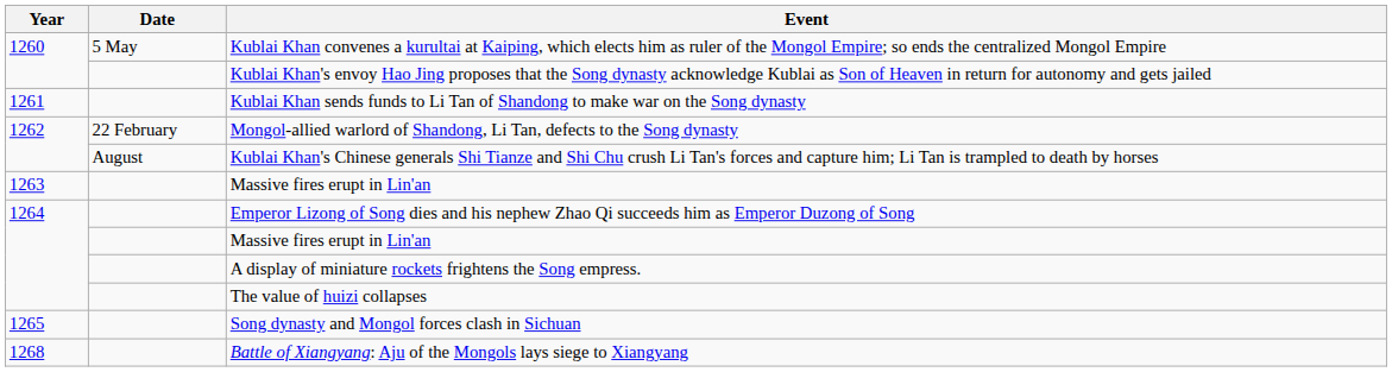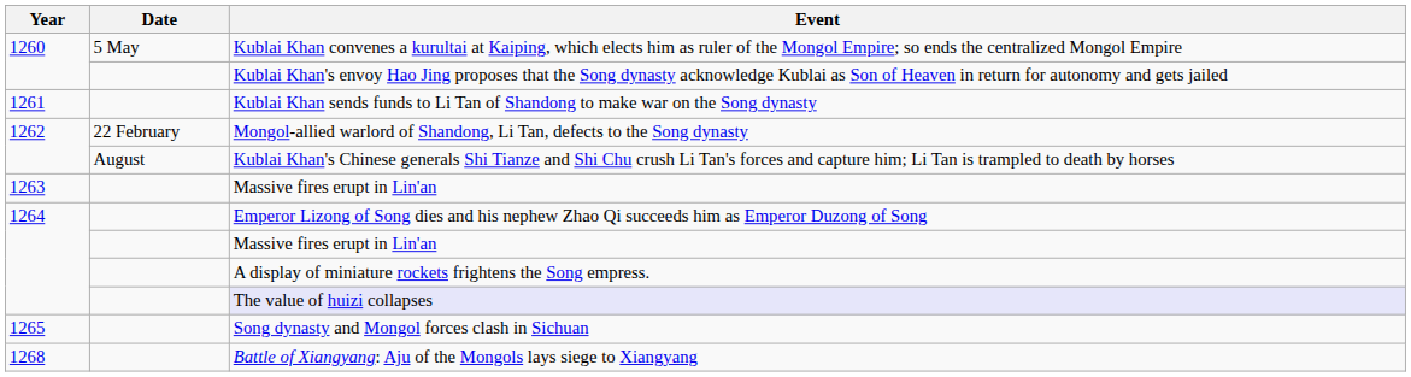 <table class="wikitable" width="100%">
 <tr>
 <th style="width:6%">Year</th>
 <th style="width:10%">Date</th>
 <th>Event</th>
 </tr>
 <tr>
 <td rowspan="2" valign="top"><a href='#'>1260</a></td>
 <td>5 May</td>
 <td><a href='#'>Kublai Khan</a> convenes a <a href='#'>kurultai</a> at <a href='#'>Kaiping</a>, which elects him as ruler of the <a href='#'>Mongol Empire</a>; so ends the centralized Mongol Empire</td>
 </tr>
 <tr>
 <td></td>
 <td><a href='#'>Kublai Khan</a>'s envoy <a href='#'>Hao Jing</a> proposes that the <a href='#'>Song dynasty</a> acknowledge Kublai as <a href='#'>Son of Heaven</a> in return for autonomy and gets jailed</td>
 </tr>
 <tr>
 <td><a href='#'>1261</a></td>
 <td></td>
 <td><a href='#'>Kublai Khan</a> sends funds to Li Tan of <a href='#'>Shandong</a> to make war on the <a href='#'>Song dynasty</a></td>
 </tr>
 <tr>
 <td rowspan="2" valign="top"><a href='#'>1262</a></td>
 <td>22 February</td>
 <td><a href='#'>Mongol</a>-allied warlord of <a href='#'>Shandong</a>, Li Tan, defects to the <a href='#'>Song dynasty</a></td>
 </tr>
 <tr>
 <td>August</td>
 <td><a href='#'>Kublai Khan</a>'s Chinese generals <a href='#'>Shi Tianze</a> and <a href='#'>Shi Chu</a> crush Li Tan's forces and capture him; Li Tan is trampled to death by horses</td>
 </tr>
 <tr>
 <td><a href='#'>1263</a></td>
 <td></td>
 <td>Massive fires erupt in <a href='#'>Lin'an</a></td>
 </tr>
 <tr>
 <td rowspan="4" valign="top"><a href='#'>1264</a></td>
 <td></td>
 <td><a href='#'>Emperor Lizong of Song</a> dies and his nephew Zhao Qi succeeds him as <a href='#'>Emperor Duzong of Song</a></td>
 </tr>
 <tr>
 <td></td>
 <td>Massive fires erupt in <a href='#'>Lin'an</a></td>
 </tr>
 <tr>
 <td></td>
 <td>A display of miniature <a href='#'>rockets</a> frightens the <a href='#'>Song</a> empress.</td>
 </tr>
 <tr>
 <td></td>
-<td>The value of <a href='#'>huizi</a> collapses</td>
+<td style="background: lavender;">The value of <a href='#'>huizi</a> collapses</td>
 </tr>
 <tr>
 <td><a href='#'>1265</a></td>
 <td></td>
 <td><a href='#'>Song dynasty</a> and <a href='#'>Mongol</a> forces clash in <a href='#'>Sichuan</a></td>
 </tr>
 <tr>
 <td><a href='#'>1268</a></td>
 <td></td>
 <td><em><a href='#'>Battle of Xiangyang</a></em>: <a href='#'>Aju</a> of the <a href='#'>Mongols</a> lays siege to <a href='#'>Xiangyang</a></td>
 </tr>
 </table>
